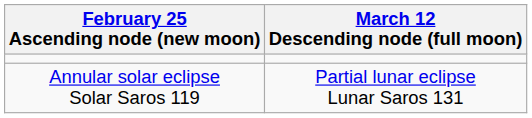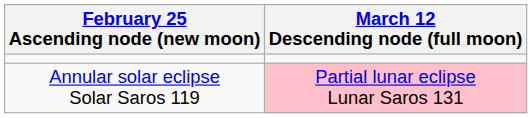 <table class="wikitable">
 <tr>
 <th><a href='#'>February 25</a><br>Ascending node (new moon)</th>
 <th><a href='#'>March 12</a><br>Descending node (full moon)</th>
 </tr>
 <tr>
 <td></td>
 <td></td>
 </tr>
 <tr align=center>
 <td><a href='#'>Annular solar eclipse</a><br>Solar Saros 119</td>
-<td><a href='#'>Partial lunar eclipse</a><br>Lunar Saros 131</td>
+<td style="background: pink;"><a href='#'>Partial lunar eclipse</a><br>Lunar Saros 131</td>
 </tr>
 </table>
